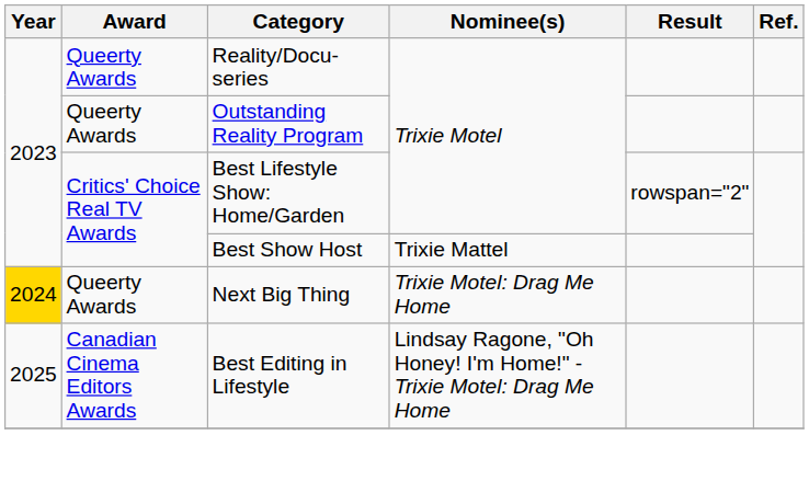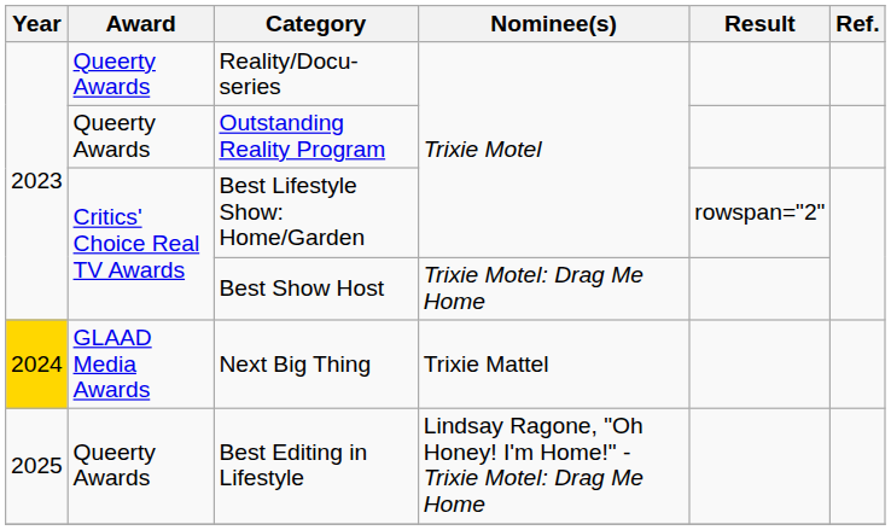 <table class="wikitable">
 <tr>
 <th>Year</th>
 <th>Award</th>
 <th>Category</th>
 <th>Nominee(s)</th>
 <th>Result</th>
 <th>Ref.</th>
 </tr>
 <tr>
 <td rowspan="4">2023</td>
 <td><a href='#'>Queerty Awards</a></td>
 <td>Reality/Docu-series</td>
 <td rowspan="3"><em>Trixie Motel</em></td>
 <td></td>
 <td></td>
 </tr>
 <tr>
 <td>Queerty Awards</td>
 <td><a href='#'>Outstanding Reality Program</a></td>
 <td></td>
 <td></td>
 </tr>
 <tr>
 <td rowspan="2"><a href='#'>Critics' Choice Real TV Awards</a></td>
 <td>Best Lifestyle Show: Home/Garden</td>
 <td>rowspan="2" </td>
 <td rowspan="2"></td>
 </tr>
 <tr>
 <td>Best Show Host</td>
-<td>Trixie Mattel</td>
+<td><em>Trixie Motel: Drag Me Home</em></td>
 </tr>
 <tr>
 <td style="background: gold;">2024</td>
-<td>Queerty Awards</td>
+<td><a href='#'>GLAAD Media Awards</a></td>
 <td>Next Big Thing</td>
-<td><em>Trixie Motel: Drag Me Home</em></td>
+<td>Trixie Mattel</td>
 <td></td>
 <td></td>
 </tr>
 <tr>
 <td>2025</td>
-<td><a href='#'>Canadian Cinema Editors Awards</a></td>
+<td>Queerty Awards</td>
 <td>Best Editing in Lifestyle</td>
 <td>Lindsay Ragone, "Oh Honey! I'm Home!" - <em>Trixie Motel: Drag Me Home</em></td>
 <td></td>
 <td></td>
 </tr>
 <tr>
 </tr>
 </table>
